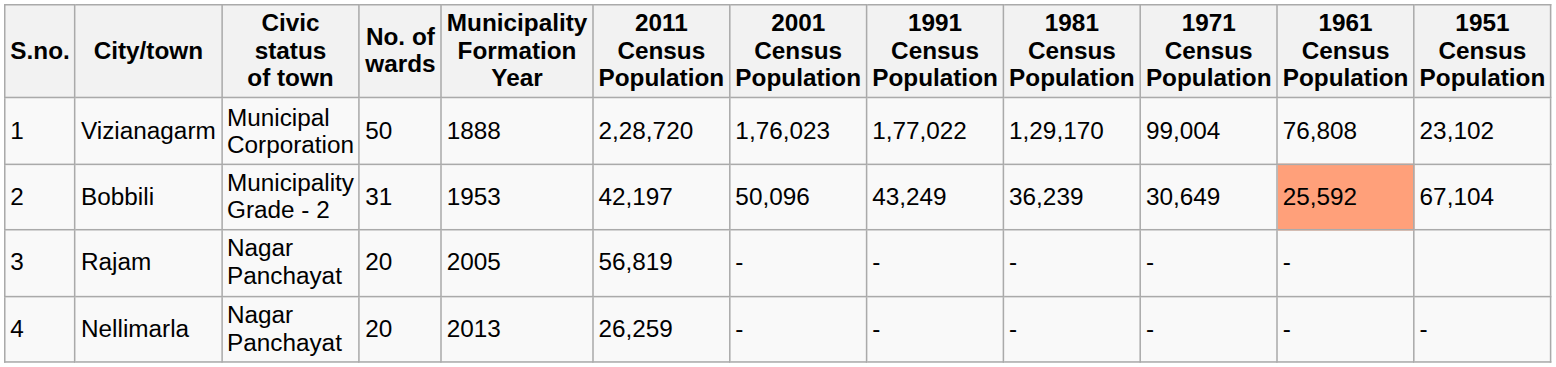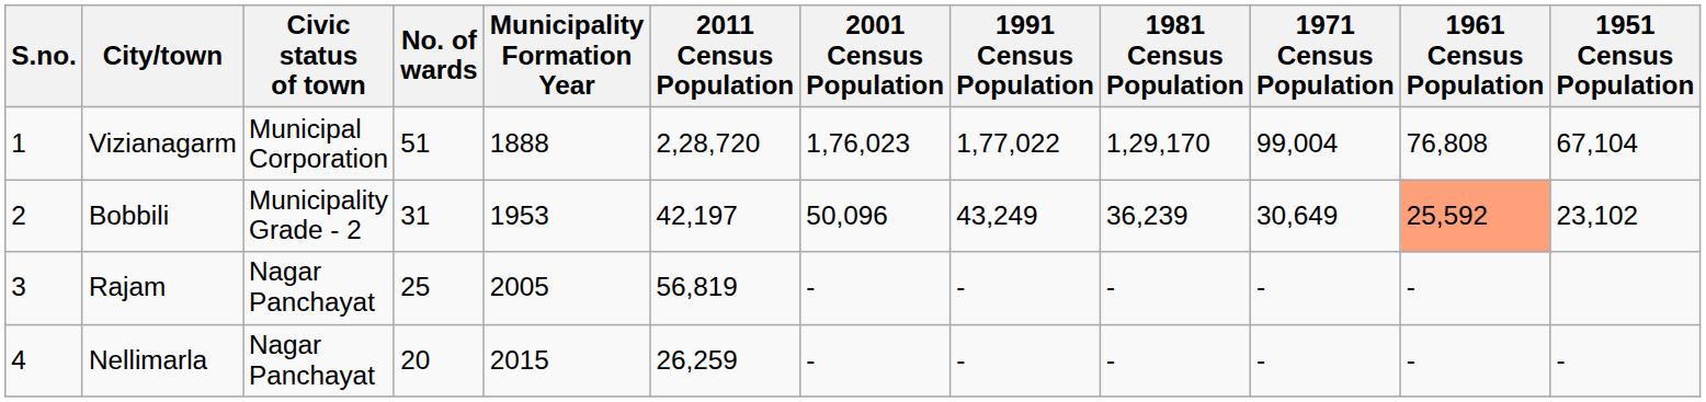 <table class="wikitable">
 <tr>
 <th>S.no.</th>
 <th>City/town</th>
 <th>Civic status<br>of town</th>
 <th>No. of<br>wards</th>
 <th>Municipality<br>Formation  Year</th>
 <th>2011 Census<br>Population</th>
 <th>2001 Census<br>Population</th>
 <th>1991 Census<br>Population</th>
 <th>1981 Census<br>Population</th>
 <th>1971 Census<br>Population</th>
 <th>1961 Census<br>Population</th>
 <th>1951 Census<br>Population</th>
 </tr>
 <tr>
 <td>1</td>
 <td>Vizianagarm</td>
 <td>Municipal Corporation</td>
-<td>50</td>
+<td>51</td>
 <td>1888</td>
 <td>2,28,720</td>
 <td>1,76,023</td>
 <td>1,77,022</td>
 <td>1,29,170</td>
 <td>99,004</td>
 <td>76,808</td>
-<td>23,102</td>
+<td>67,104</td>
 </tr>
 <tr>
 <td>2</td>
 <td>Bobbili</td>
 <td>Municipality Grade - 2</td>
 <td>31</td>
 <td>1953</td>
 <td>42,197</td>
 <td>50,096</td>
 <td>43,249</td>
 <td>36,239</td>
 <td>30,649</td>
 <td style="background: lightsalmon;">25,592</td>
-<td>67,104</td>
+<td>23,102</td>
 </tr>
 <tr>
 <td>3</td>
 <td>Rajam</td>
 <td>Nagar Panchayat</td>
-<td>20</td>
+<td>25</td>
 <td>2005</td>
 <td>56,819</td>
 <td>-</td>
 <td>-</td>
 <td>-</td>
 <td>-</td>
 <td>-</td>
 </tr>
 <tr>
 <td>4</td>
 <td>Nellimarla</td>
 <td>Nagar Panchayat</td>
 <td>20</td>
-<td>2013</td>
+<td>2015</td>
 <td>26,259</td>
 <td>-</td>
 <td>-</td>
 <td>-</td>
 <td>-</td>
 <td>-</td>
 <td>-</td>
 </tr>
 </table>
